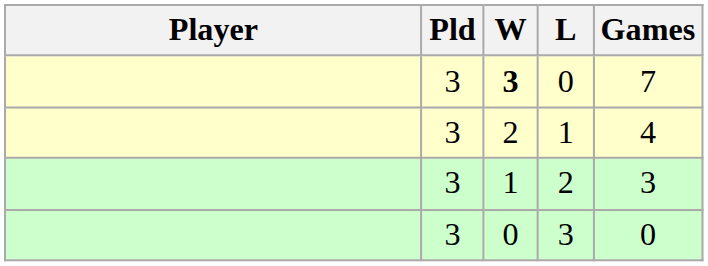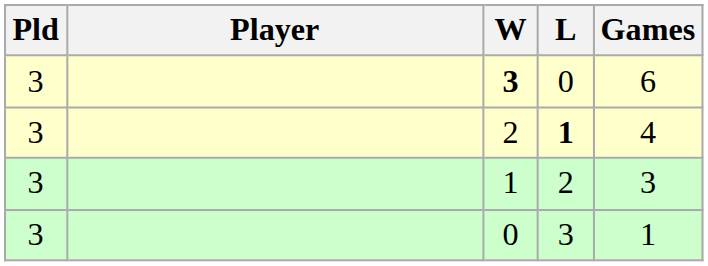 <table class="wikitable" style="text-align:center">
 <tr>
+<th width=20>Pld</th>
 <th width=200>Player</th>
-<th width=20>Pld</th>
 <th width=20>W</th>
 <th width=20>L</th>
 <th width=20>Games</th>
 </tr>
 <tr bgcolor=#ffc>
+<td>3</td>
 <td style="text-align:left;"><strong></strong></td>
-<td>3</td>
 <td><strong>3</strong></td>
 <td>0</td>
-<td>7</td>
+<td>6</td>
 </tr>
 <tr bgcolor=#ffc>
+<td>3</td>
 <td style="text-align:left;"><strong></strong></td>
-<td>3</td>
 <td>2</td>
-<td>1</td>
+<td><strong>1</strong></td>
 <td>4</td>
 </tr>
 <tr bgcolor=#cfc>
+<td>3</td>
 <td style="text-align:left;"></td>
-<td>3</td>
 <td>1</td>
 <td>2</td>
 <td>3</td>
 </tr>
 <tr bgcolor=#cfc>
+<td>3</td>
 <td style="text-align:left;"></td>
-<td>3</td>
 <td>0</td>
 <td>3</td>
-<td>0</td>
+<td>1</td>
 </tr>
 </table>
